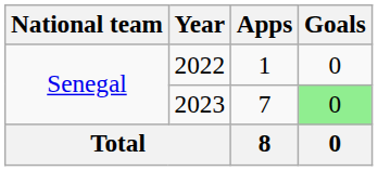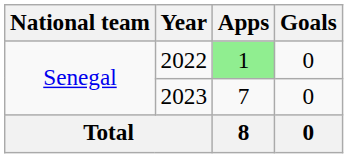 <table class="wikitable" style="text-align:center">
 <tr>
 <th>National team</th>
 <th>Year</th>
 <th>Apps</th>
 <th>Goals</th>
 </tr>
 <tr>
 <td rowspan="2"><a href='#'>Senegal</a></td>
 <td>2022</td>
-<td>1</td>
+<td style="background: lightgreen;">1</td>
 <td>0</td>
 </tr>
 <tr>
 <td>2023</td>
 <td>7</td>
-<td style="background: lightgreen;">0</td>
+<td>0</td>
 </tr>
 <tr>
 <th colspan="2">Total</th>
 <th>8</th>
 <th>0</th>
 </tr>
 </table>
